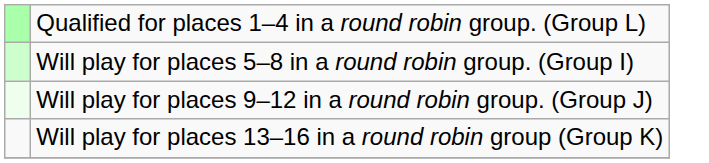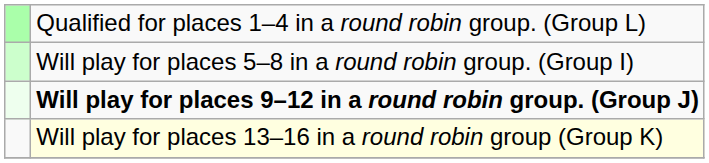 <table class="wikitable">
 <tr>
 <td width=10px bgcolor=#aaffaa></td>
 <td>Qualified for places 1–4 in a <em>round robin</em> group. (Group L)</td>
 </tr>
 <tr>
 <td width=10px bgcolor=#ccffcc></td>
 <td>Will play for places 5–8 in a <em>round robin</em> group. (Group I)</td>
 </tr>
 <tr>
 <td width=10px bgcolor=#eeffee></td>
-<td>Will play for places 9–12 in a <em>round robin</em> group. (Group J)</td>
+<td><strong>Will play for places 9–12 in a <em>round robin</em> group. (Group J)</strong></td>
 </tr>
 <tr>
 <td width=10px></td>
-<td>Will play for places 13–16 in a <em>round robin</em> group (Group K)</td>
+<td style="background: lightyellow;">Will play for places 13–16 in a <em>round robin</em> group (Group K)</td>
 </tr>
 <tr>
 </tr>
 </table>
